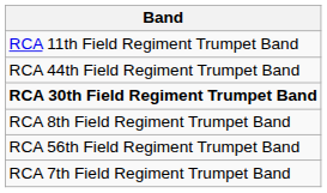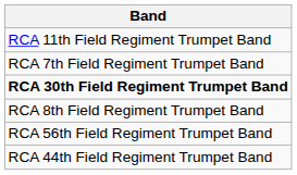 <table class="wikitable">
 <tr>
 <th>Band</th>
 </tr>
 <tr>
 <td><a href='#'>RCA</a> 11th Field Regiment Trumpet Band</td>
 </tr>
 <tr>
-<td>RCA 44th Field Regiment Trumpet Band</td>
+<td>RCA 7th Field Regiment Trumpet Band</td>
 </tr>
 <tr>
 <td><strong>RCA 30th Field Regiment Trumpet Band</strong></td>
 </tr>
 <tr>
 <td>RCA 8th Field Regiment Trumpet Band</td>
 </tr>
 <tr>
 <td>RCA 56th Field Regiment Trumpet Band</td>
 </tr>
 <tr>
-<td>RCA 7th Field Regiment Trumpet Band</td>
+<td>RCA 44th Field Regiment Trumpet Band</td>
 </tr>
 </table>
